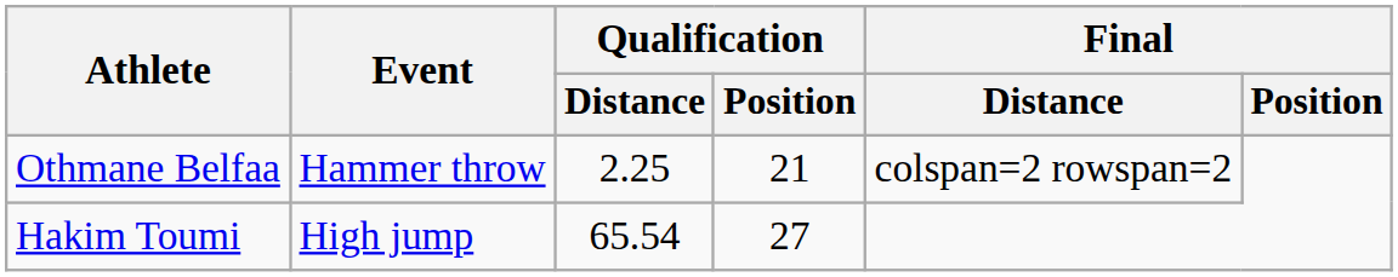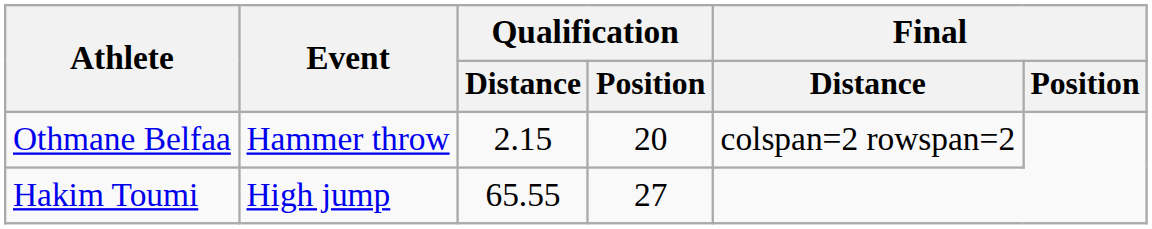 <table class=wikitable style="font-size:90%">
 <tr>
 <th rowspan="2">Athlete</th>
 <th rowspan="2">Event</th>
 <th colspan="2">Qualification</th>
 <th colspan="2">Final</th>
 </tr>
 <tr style="font-size:95%">
 <th>Distance</th>
 <th>Position</th>
 <th>Distance</th>
 <th>Position</th>
 </tr>
 <tr align=center>
 <td align=left><a href='#'>Othmane Belfaa</a></td>
 <td align=left><a href='#'>Hammer throw</a></td>
-<td>2.25</td>
-<td>21</td>
+<td>2.15</td>
+<td>20</td>
 <td>colspan=2 rowspan=2 </td>
 </tr>
 <tr align=center>
 <td align=left><a href='#'>Hakim Toumi</a></td>
 <td align=left><a href='#'>High jump</a></td>
-<td>65.54</td>
+<td>65.55</td>
 <td>27</td>
 </tr>
 </table>
